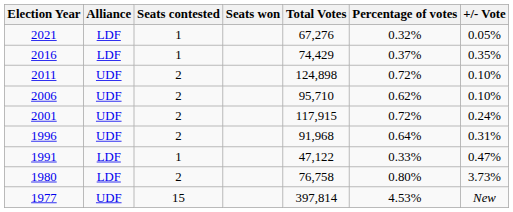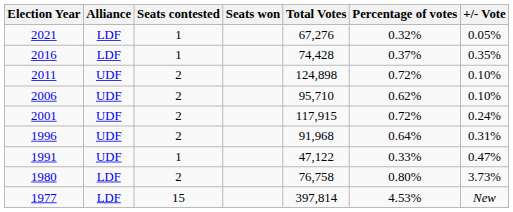 <table class="wikitable" style="text-align:center">
 <tr>
 <th Style="background-color:">Election Year</th>
 <th Style="background-color:">Alliance</th>
 <th Style="background-color:">Seats contested</th>
 <th Style="background-color:">Seats won</th>
 <th Style="background-color:">Total Votes</th>
 <th Style="background-color:">Percentage of votes</th>
 <th Style="background-color:">+/- Vote</th>
 </tr>
 <tr>
 <td><a href='#'>2021</a></td>
 <td><a href='#'>LDF</a></td>
 <td>1</td>
 <td></td>
 <td>67,276</td>
 <td>0.32%</td>
 <td> 0.05%</td>
 </tr>
 <tr>
 <td><a href='#'>2016</a></td>
 <td><a href='#'>LDF</a></td>
 <td>1</td>
 <td></td>
-<td>74,429</td>
+<td>74,428</td>
 <td>0.37%</td>
 <td> 0.35%</td>
 </tr>
 <tr>
 <td><a href='#'>2011</a></td>
 <td><a href='#'>UDF</a></td>
 <td>2</td>
 <td></td>
 <td>124,898</td>
 <td>0.72%</td>
 <td> 0.10%</td>
 </tr>
 <tr>
 <td><a href='#'>2006</a></td>
 <td><a href='#'>UDF</a></td>
 <td>2</td>
 <td></td>
 <td>95,710</td>
 <td>0.62%</td>
 <td> 0.10%</td>
 </tr>
 <tr>
 <td><a href='#'>2001</a></td>
 <td><a href='#'>UDF</a></td>
 <td>2</td>
 <td></td>
 <td>117,915</td>
 <td>0.72%</td>
 <td> 0.24%</td>
 </tr>
 <tr>
 <td><a href='#'>1996</a></td>
 <td><a href='#'>UDF</a></td>
 <td>2</td>
 <td></td>
 <td>91,968</td>
 <td>0.64%</td>
 <td> 0.31%</td>
 </tr>
 <tr>
 <td><a href='#'>1991</a></td>
-<td><a href='#'>LDF</a></td>
+<td><a href='#'>UDF</a></td>
 <td>1</td>
 <td></td>
 <td>47,122</td>
 <td>0.33%</td>
 <td> 0.47%</td>
 </tr>
 <tr>
 <td><a href='#'>1980</a></td>
 <td><a href='#'>LDF</a></td>
 <td>2</td>
 <td></td>
 <td>76,758</td>
 <td>0.80%</td>
 <td> 3.73%</td>
 </tr>
 <tr>
 <td><a href='#'>1977</a></td>
-<td><a href='#'>UDF</a></td>
+<td><a href='#'>LDF</a></td>
 <td>15</td>
 <td></td>
 <td>397,814</td>
 <td>4.53%</td>
 <td><em>New</em></td>
 </tr>
 </table>
